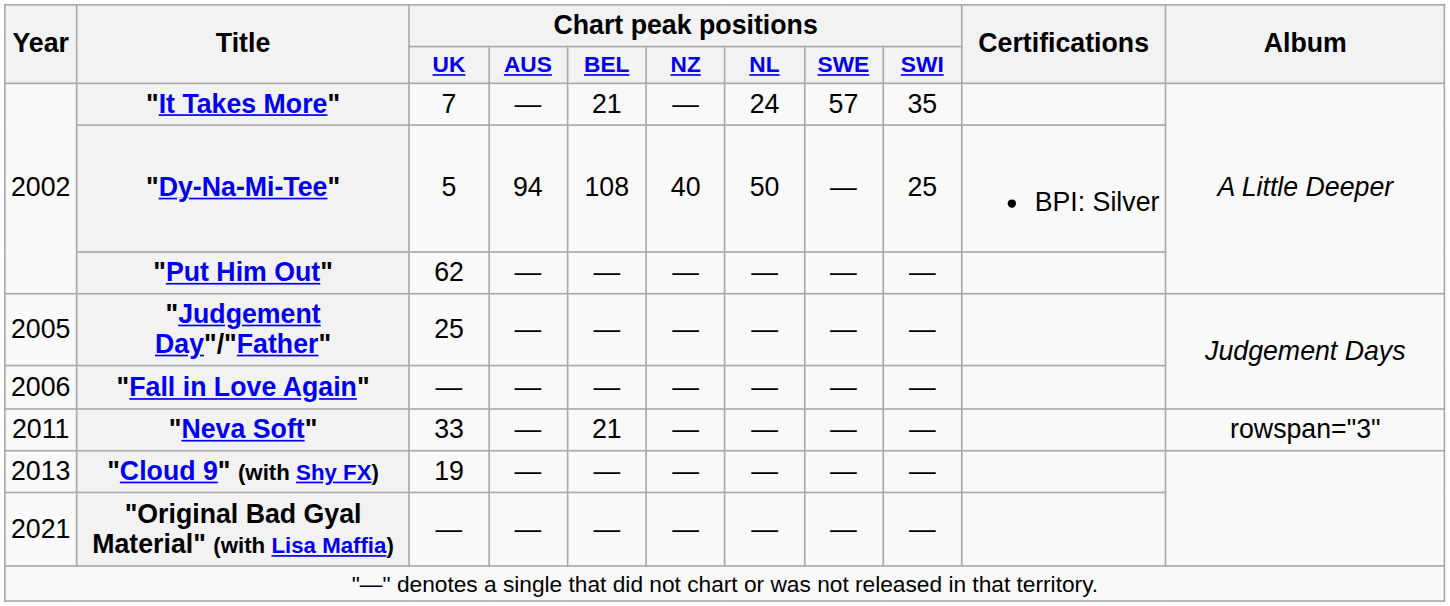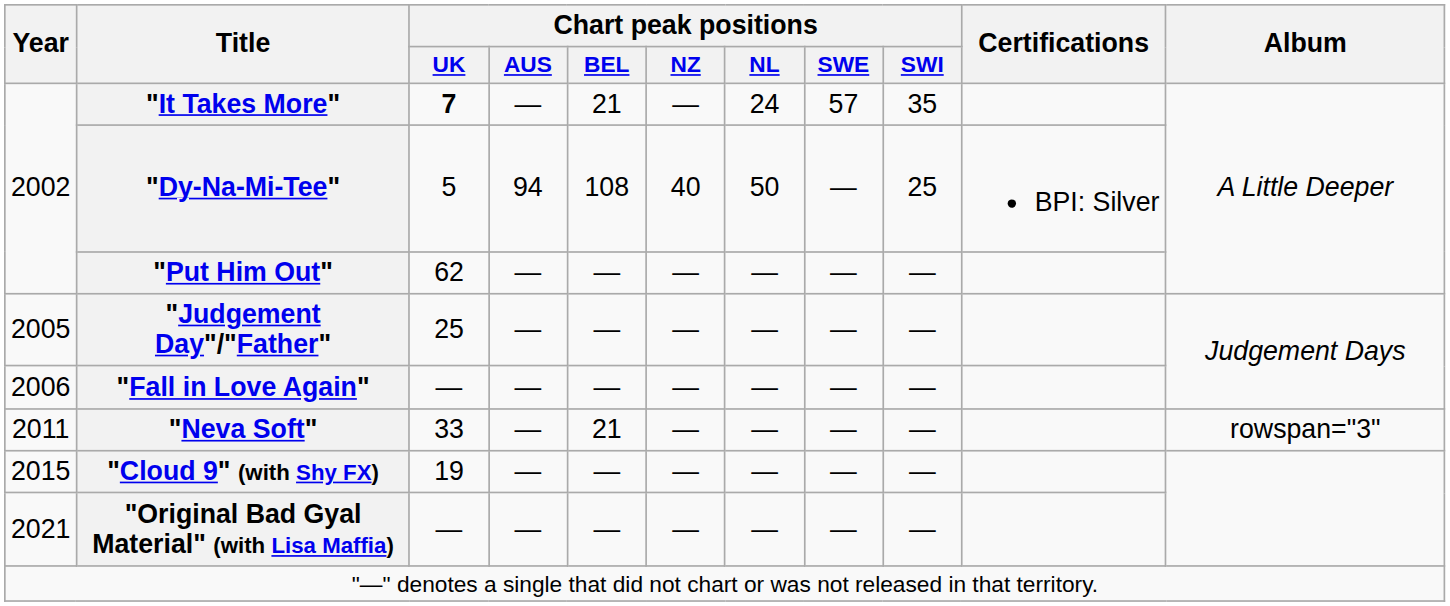 <table class="wikitable plainrowheaders" style="text-align:center;">
 <tr>
 <th scope="col" rowspan="2" style="width:2em;">Year</th>
 <th scope="col" rowspan="2" style="width:12em;">Title</th>
 <th scope="col" colspan="7">Chart peak positions</th>
 <th scope="col" rowspan="2">Certifications</th>
 <th scope="col" rowspan="2" style="width:10em;">Album</th>
 </tr>
 <tr>
 <th scope="col" style="width:3em;font-size:85%;"><a href='#'>UK</a><br></th>
 <th scope="col" style="width:3em;font-size:85%;"><a href='#'>AUS</a><br></th>
 <th scope="col" style="width:3em;font-size:85%;"><a href='#'>BEL</a><br></th>
 <th scope="col" style="width:3em;font-size:85%;"><a href='#'>NZ</a><br></th>
 <th scope="col" style="width:3em;font-size:85%;"><a href='#'>NL</a><br></th>
 <th scope="col" style="width:3em;font-size:85%;"><a href='#'>SWE</a><br></th>
 <th scope="col" style="width:3em;font-size:85%;"><a href='#'>SWI</a><br></th>
 </tr>
 <tr>
 <td rowspan="3">2002</td>
 <th scope="row">"<a href='#'>It Takes More</a>"</th>
-<td>7</td>
+<td><strong>7</strong></td>
 <td>—</td>
 <td>21</td>
 <td>—</td>
 <td>24</td>
 <td>57</td>
 <td>35</td>
 <td></td>
 <td rowspan="3"><em>A Little Deeper</em></td>
 </tr>
 <tr>
 <th scope="row">"<a href='#'>Dy-Na-Mi-Tee</a>"</th>
 <td>5</td>
 <td>94</td>
 <td>108</td>
 <td>40</td>
 <td>50</td>
 <td>—</td>
 <td>25</td>
 <td><br><ul><li>BPI: Silver</li></ul></td>
 </tr>
 <tr>
 <th scope="row">"<a href='#'>Put Him Out</a>"</th>
 <td>62</td>
 <td>—</td>
 <td>—</td>
 <td>—</td>
 <td>—</td>
 <td>—</td>
 <td>—</td>
 <td></td>
 </tr>
 <tr>
 <td>2005</td>
 <th scope="row">"<a href='#'>Judgement Day</a>"/"<a href='#'>Father</a>"</th>
 <td>25</td>
 <td>—</td>
 <td>—</td>
 <td>—</td>
 <td>—</td>
 <td>—</td>
 <td>—</td>
 <td></td>
 <td rowspan="2"><em>Judgement Days</em></td>
 </tr>
 <tr>
 <td>2006</td>
 <th scope="row">"<a href='#'>Fall in Love Again</a>"</th>
 <td>—</td>
 <td>—</td>
 <td>—</td>
 <td>—</td>
 <td>—</td>
 <td>—</td>
 <td>—</td>
 <td></td>
 </tr>
 <tr>
 <td>2011</td>
 <th scope="row">"<a href='#'>Neva Soft</a>"</th>
 <td>33</td>
 <td>—</td>
 <td>21</td>
 <td>—</td>
 <td>—</td>
 <td>—</td>
 <td>—</td>
 <td></td>
 <td>rowspan="3" </td>
 </tr>
 <tr>
-<td>2013</td>
+<td>2015</td>
 <th scope="row">"<a href='#'>Cloud 9</a>" <small>(with <a href='#'>Shy FX</a>)</small></th>
 <td>19</td>
 <td>—</td>
 <td>—</td>
 <td>—</td>
 <td>—</td>
 <td>—</td>
 <td>—</td>
 <td></td>
 </tr>
 <tr>
 <td>2021</td>
 <th scope="row">"Original Bad Gyal Material" <small>(with <a href='#'>Lisa Maffia</a>)</small></th>
 <td>—</td>
 <td>—</td>
 <td>—</td>
 <td>—</td>
 <td>—</td>
 <td>—</td>
 <td>—</td>
 <td></td>
 </tr>
 <tr>
 <td colspan="18" style="font-size:85%">"—" denotes a single that did not chart or was not released in that territory.</td>
 </tr>
 </table>
